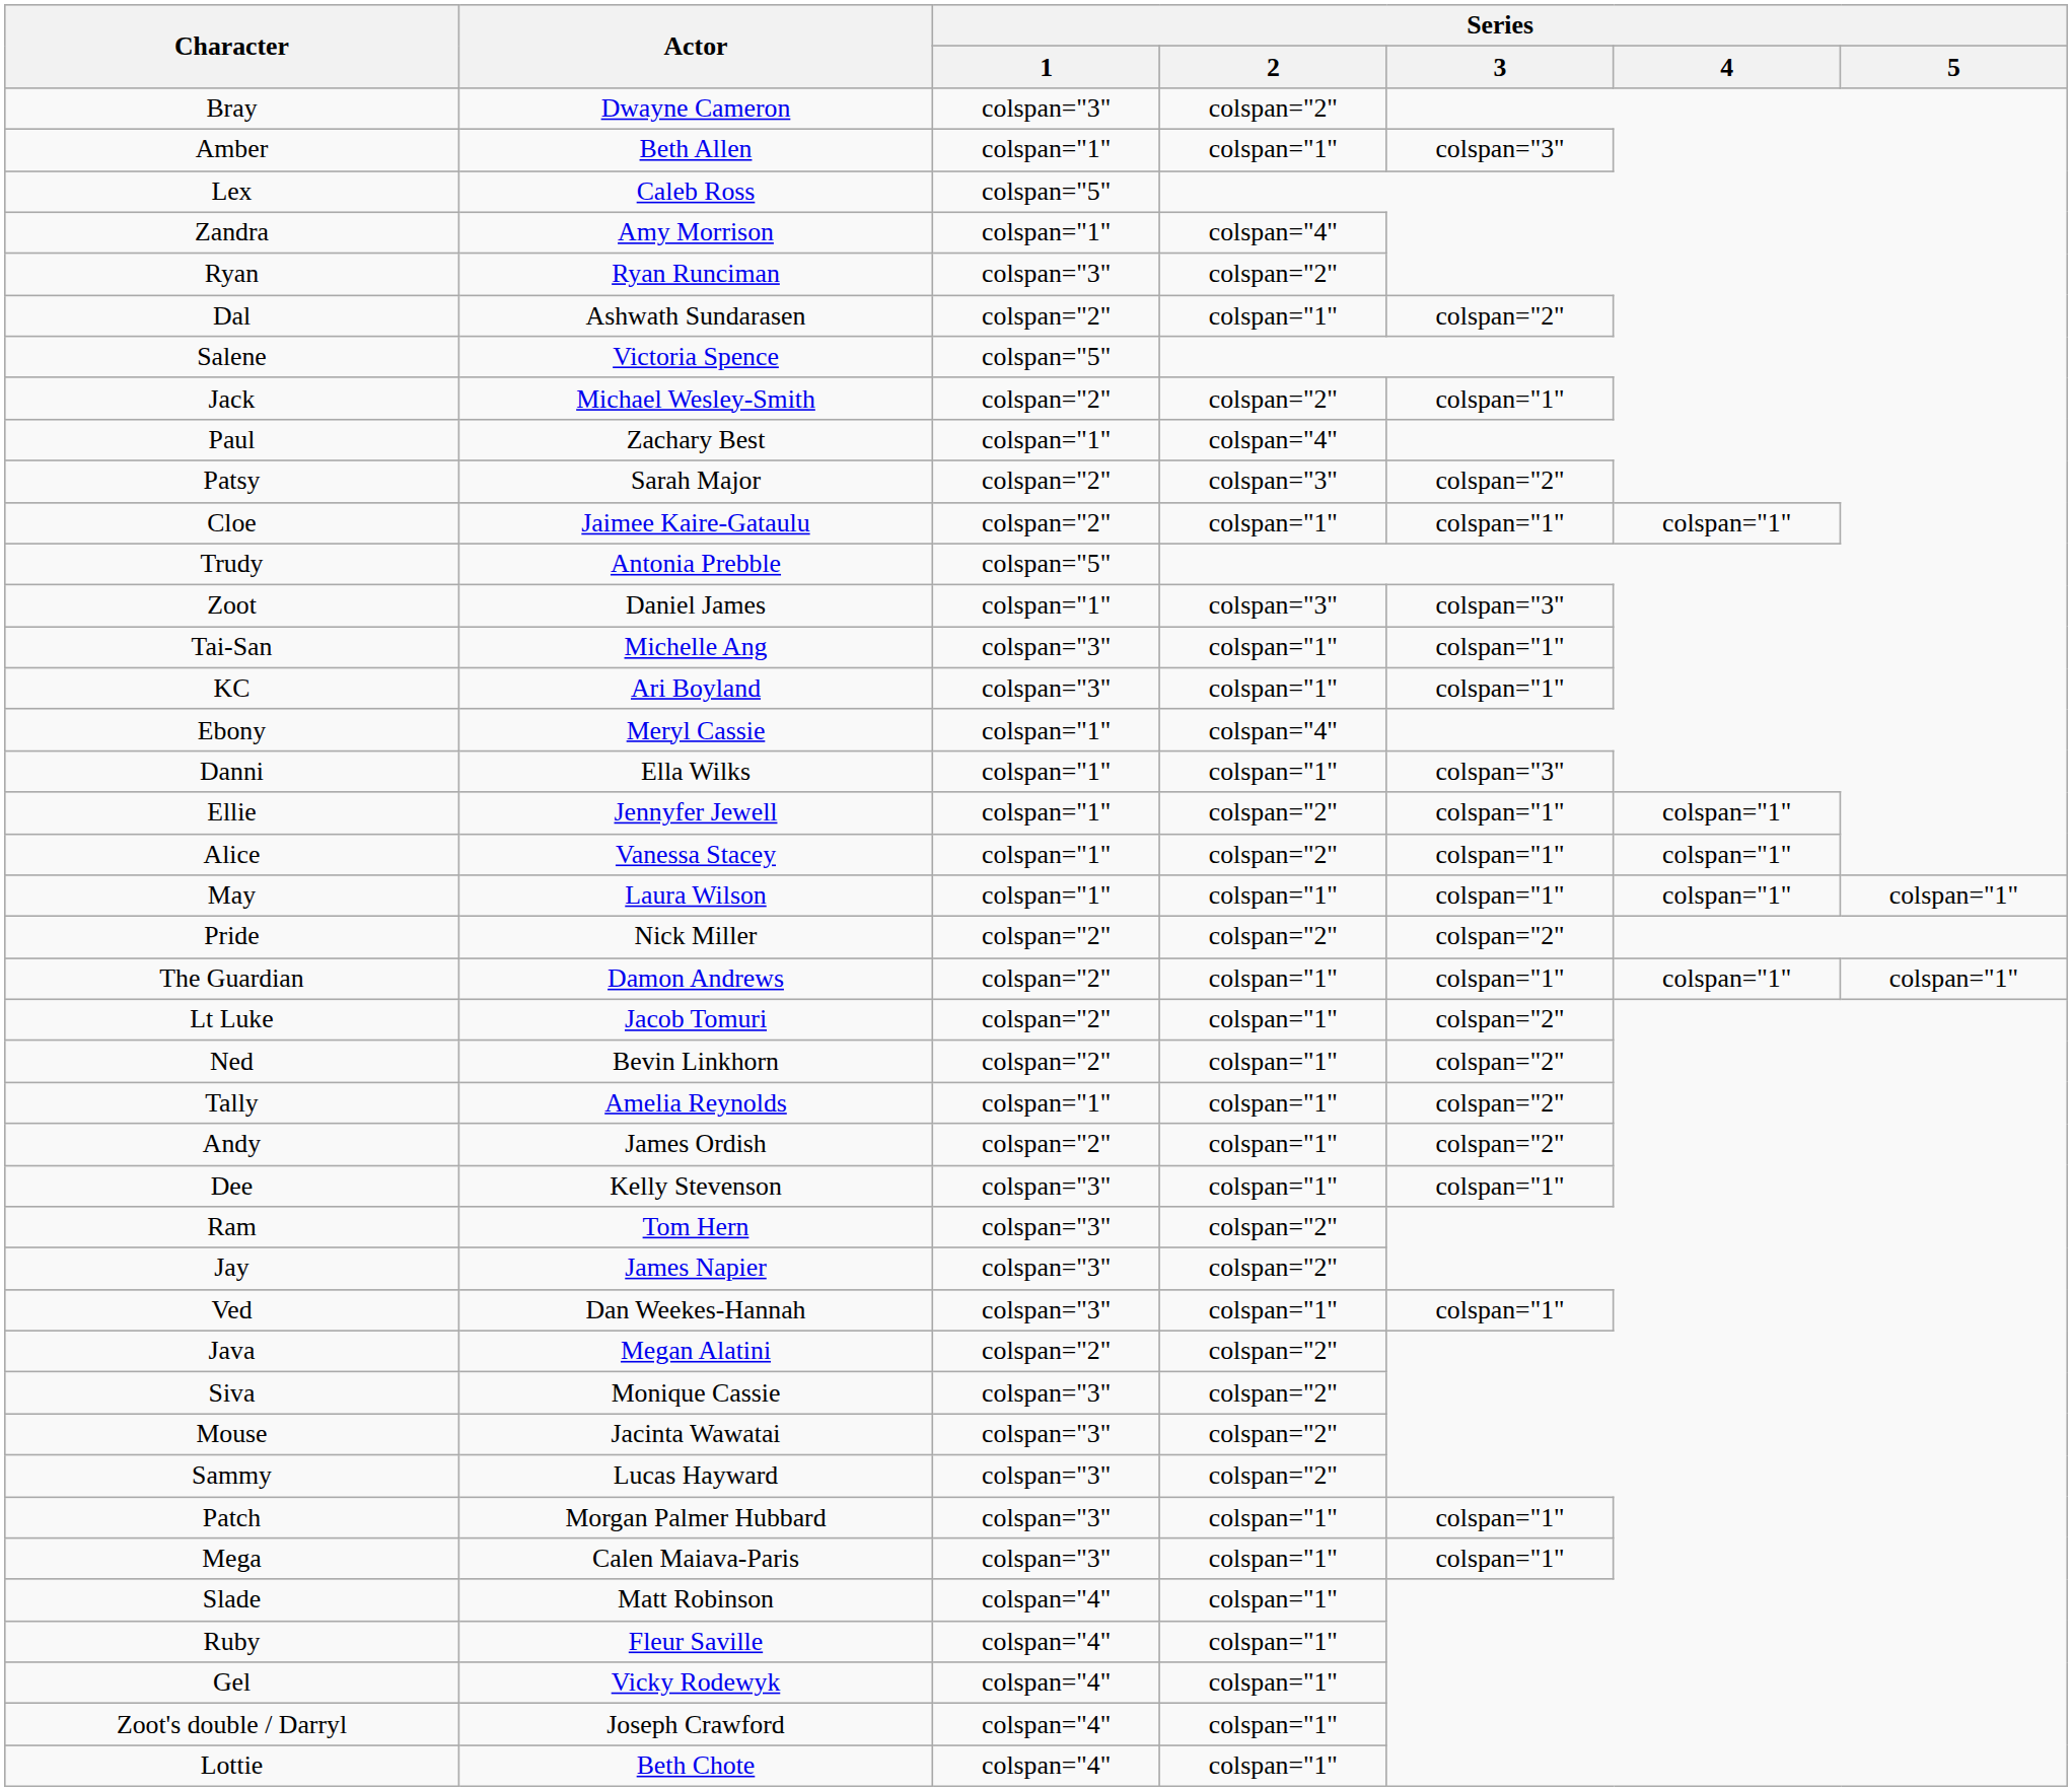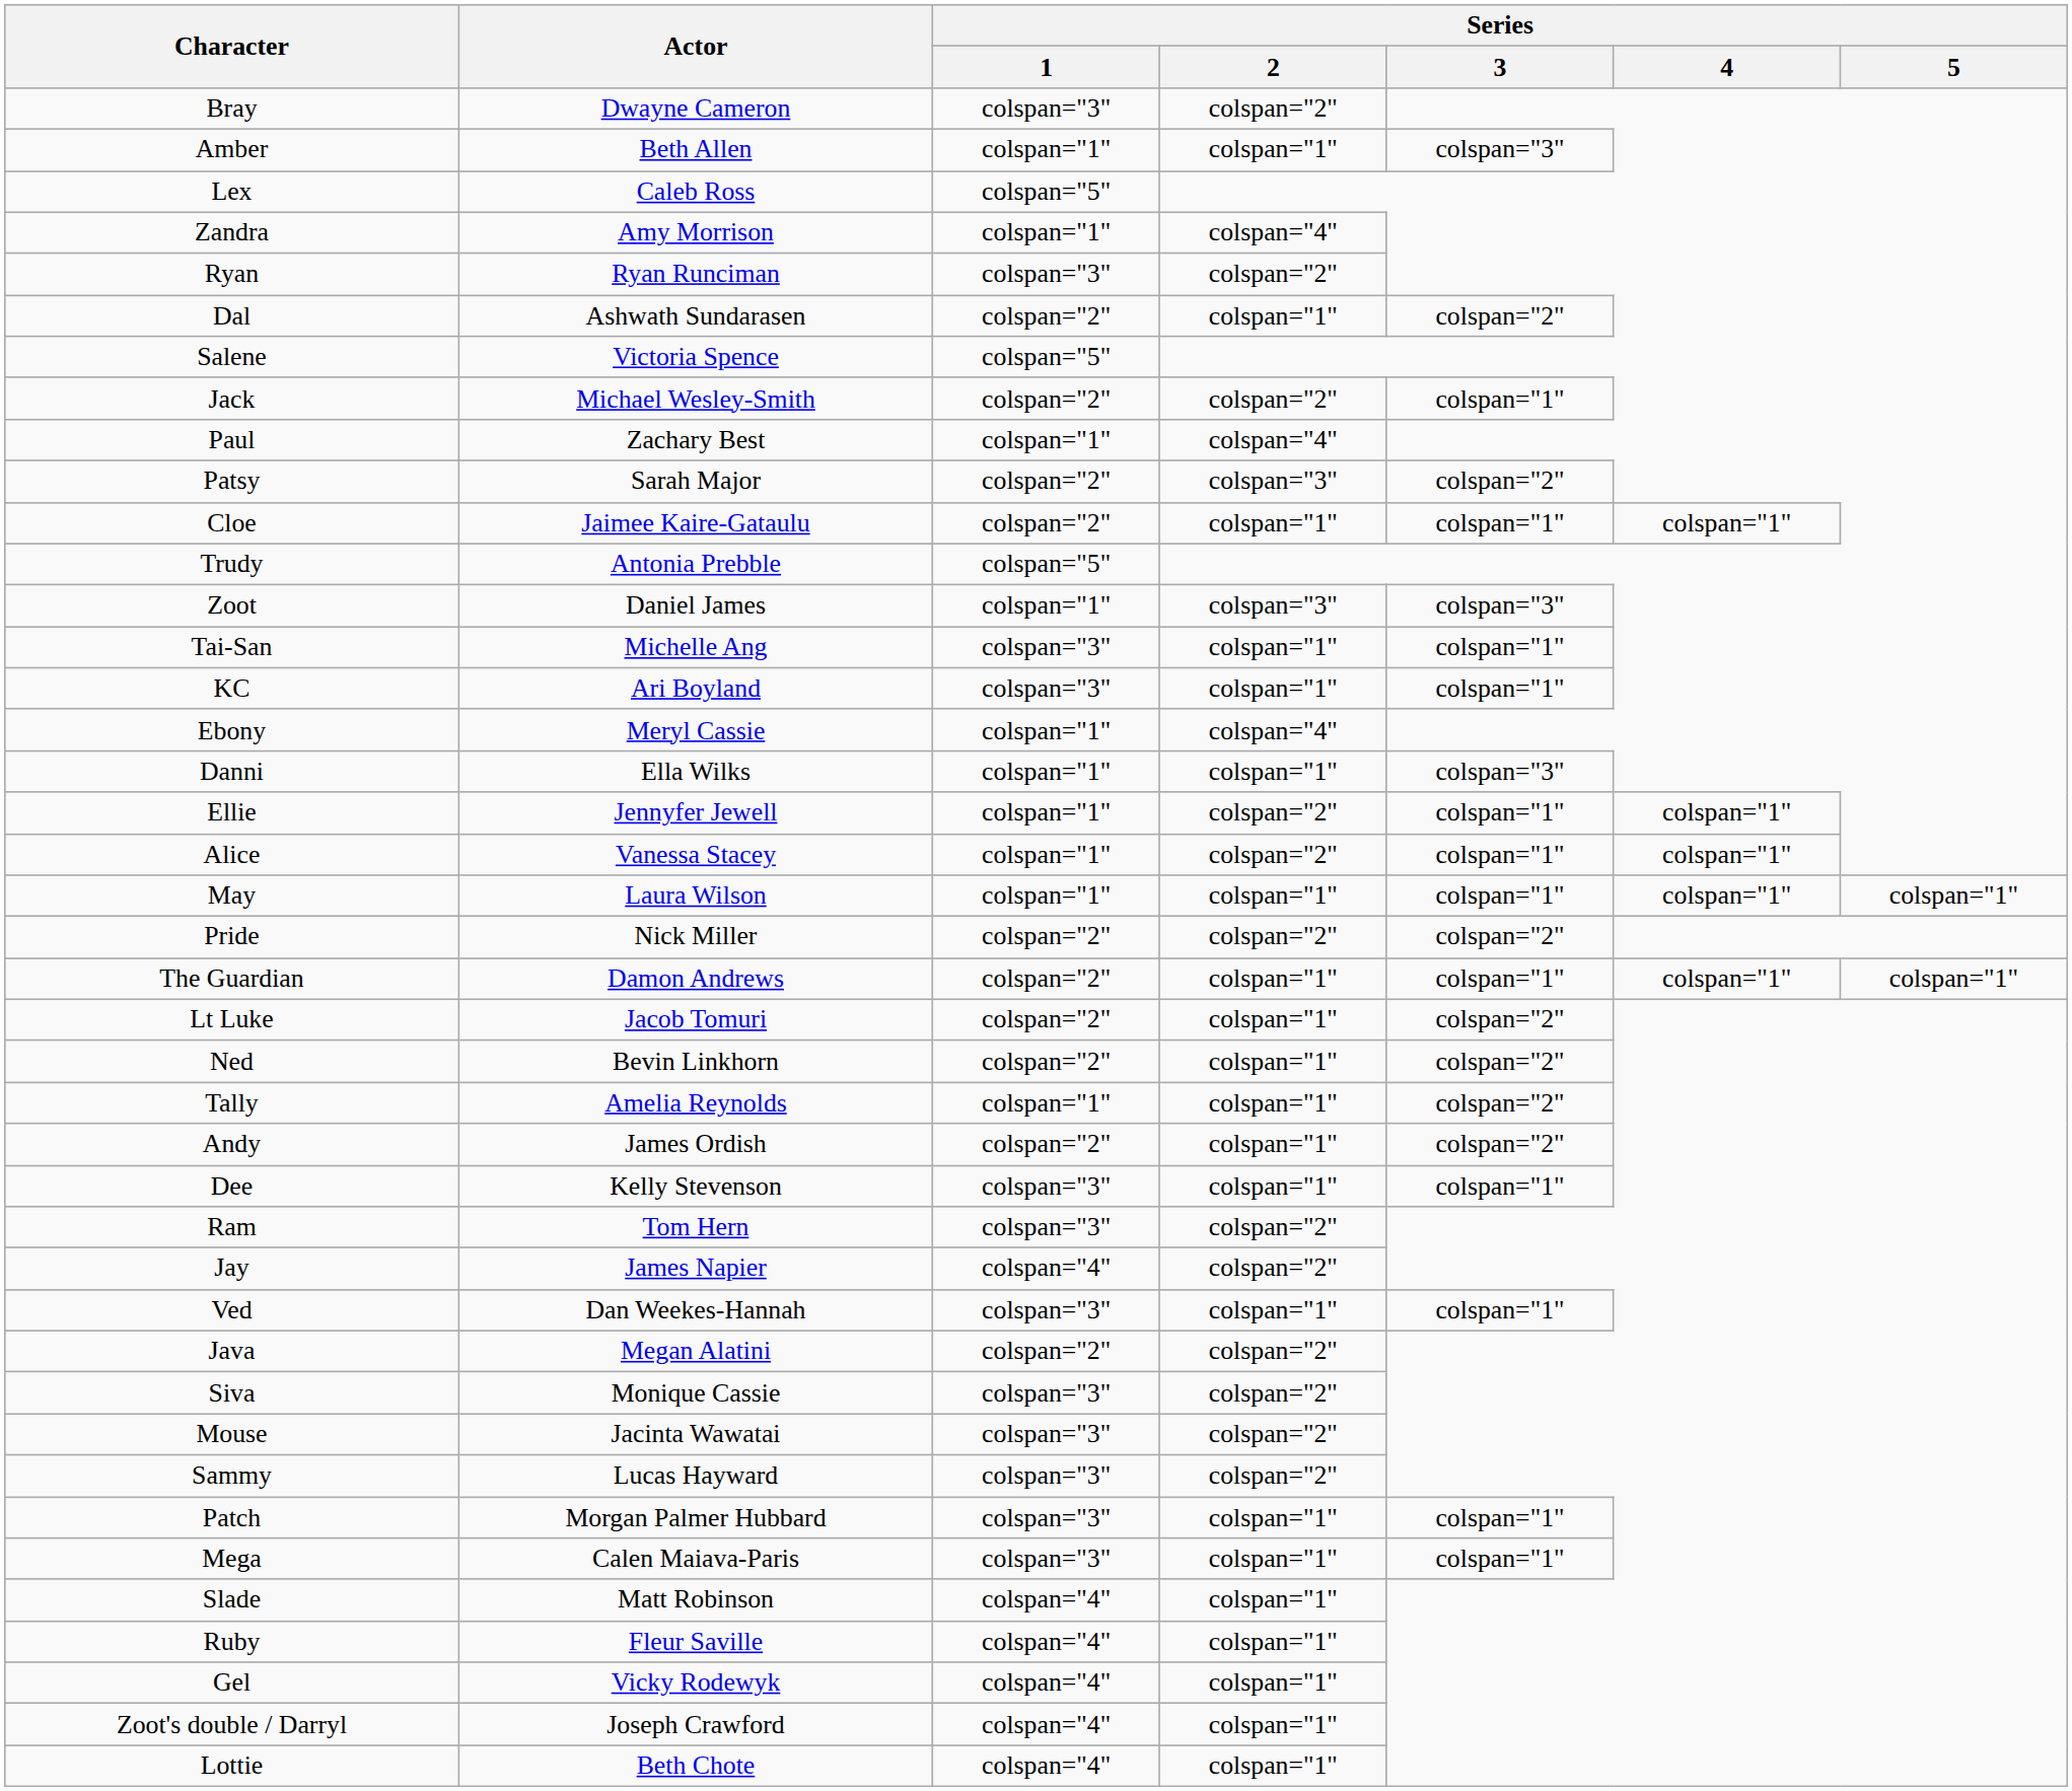 <table class="wikitable sortable" style="text-align:center;" width="100%">
 <tr>
 <th scope="col" rowspan="2" style="width:22%;">Character</th>
 <th scope="col" rowspan="2" style="width:23%;">Actor</th>
 <th scope="col" colspan="7">Series</th>
 </tr>
 <tr>
 <th style="width:11%;">1</th>
 <th style="width:11%;">2</th>
 <th style="width:11%;">3</th>
 <th style="width:11%;">4</th>
 <th style="width:11%;">5</th>
 </tr>
 <tr>
 <td>Bray</td>
 <td><a href='#'>Dwayne Cameron</a></td>
 <td>colspan="3" </td>
 <td>colspan="2" </td>
 </tr>
 <tr>
 <td>Amber</td>
 <td><a href='#'>Beth Allen</a></td>
 <td>colspan="1" </td>
 <td>colspan="1" </td>
 <td>colspan="3" </td>
 </tr>
 <tr>
 <td>Lex</td>
 <td><a href='#'>Caleb Ross</a></td>
 <td>colspan="5" </td>
 </tr>
 <tr>
 <td>Zandra</td>
 <td><a href='#'>Amy Morrison</a></td>
 <td>colspan="1" </td>
 <td>colspan="4" </td>
 </tr>
 <tr>
 <td>Ryan</td>
 <td><a href='#'>Ryan Runciman</a></td>
 <td>colspan="3" </td>
 <td>colspan="2" </td>
 </tr>
 <tr>
 <td>Dal</td>
 <td>Ashwath Sundarasen</td>
 <td>colspan="2" </td>
 <td>colspan="1" </td>
 <td>colspan="2" </td>
 </tr>
 <tr>
 <td>Salene</td>
 <td><a href='#'>Victoria Spence</a></td>
 <td>colspan="5" </td>
 </tr>
 <tr>
 <td>Jack</td>
 <td><a href='#'>Michael Wesley-Smith</a></td>
 <td>colspan="2" </td>
 <td>colspan="2" </td>
 <td>colspan="1" </td>
 </tr>
 <tr>
 <td>Paul</td>
 <td>Zachary Best</td>
 <td>colspan="1" </td>
 <td>colspan="4" </td>
 </tr>
 <tr>
 <td>Patsy</td>
 <td>Sarah Major</td>
 <td>colspan="2" </td>
 <td>colspan="3" </td>
 <td>colspan="2" </td>
 </tr>
 <tr>
 <td>Cloe</td>
 <td><a href='#'>Jaimee Kaire-Gataulu</a></td>
 <td>colspan="2" </td>
 <td>colspan="1" </td>
 <td>colspan="1" </td>
 <td>colspan="1" </td>
 </tr>
 <tr>
 <td>Trudy</td>
 <td><a href='#'>Antonia Prebble</a></td>
 <td>colspan="5" </td>
 </tr>
 <tr>
 <td>Zoot</td>
 <td>Daniel James</td>
 <td>colspan="1" </td>
 <td>colspan="3" </td>
 <td>colspan="3" </td>
 </tr>
 <tr>
 <td>Tai-San</td>
 <td><a href='#'>Michelle Ang</a></td>
 <td>colspan="3" </td>
 <td>colspan="1" </td>
 <td>colspan="1" </td>
 </tr>
 <tr>
 <td>KC</td>
 <td><a href='#'>Ari Boyland</a></td>
 <td>colspan="3" </td>
 <td>colspan="1" </td>
 <td>colspan="1" </td>
 </tr>
 <tr>
 <td>Ebony</td>
 <td><a href='#'>Meryl Cassie</a></td>
 <td>colspan="1" </td>
 <td>colspan="4" </td>
 </tr>
 <tr>
 <td>Danni</td>
 <td>Ella Wilks</td>
 <td>colspan="1" </td>
 <td>colspan="1" </td>
 <td>colspan="3" </td>
 </tr>
 <tr>
 <td>Ellie</td>
 <td><a href='#'>Jennyfer Jewell</a></td>
 <td>colspan="1" </td>
 <td>colspan="2" </td>
 <td>colspan="1" </td>
 <td>colspan="1" </td>
 </tr>
 <tr>
 <td>Alice</td>
 <td><a href='#'>Vanessa Stacey</a></td>
 <td>colspan="1" </td>
 <td>colspan="2" </td>
 <td>colspan="1" </td>
 <td>colspan="1" </td>
 </tr>
 <tr>
 <td>May</td>
 <td><a href='#'>Laura Wilson</a></td>
 <td>colspan="1" </td>
 <td>colspan="1" </td>
 <td>colspan="1" </td>
 <td>colspan="1" </td>
 <td>colspan="1" </td>
 </tr>
 <tr>
 <td>Pride</td>
 <td>Nick Miller</td>
 <td>colspan="2" </td>
 <td>colspan="2" </td>
 <td>colspan="2" </td>
 </tr>
 <tr>
 <td>The Guardian</td>
 <td><a href='#'>Damon Andrews</a></td>
 <td>colspan="2" </td>
 <td>colspan="1" </td>
 <td>colspan="1" </td>
 <td>colspan="1" </td>
 <td>colspan="1" </td>
 </tr>
 <tr>
 <td>Lt Luke</td>
 <td><a href='#'>Jacob Tomuri</a></td>
 <td>colspan="2" </td>
 <td>colspan="1" </td>
 <td>colspan="2" </td>
 </tr>
 <tr>
 <td>Ned</td>
 <td>Bevin Linkhorn</td>
 <td>colspan="2" </td>
 <td>colspan="1" </td>
 <td>colspan="2" </td>
 </tr>
 <tr>
 <td>Tally</td>
 <td><a href='#'>Amelia Reynolds</a></td>
 <td>colspan="1" </td>
 <td>colspan="1" </td>
 <td>colspan="2" </td>
 </tr>
 <tr>
 <td>Andy</td>
 <td>James Ordish</td>
 <td>colspan="2" </td>
 <td>colspan="1" </td>
 <td>colspan="2" </td>
 </tr>
 <tr>
 <td>Dee</td>
 <td>Kelly Stevenson</td>
 <td>colspan="3" </td>
 <td>colspan="1" </td>
 <td>colspan="1" </td>
 </tr>
 <tr>
 <td>Ram</td>
 <td><a href='#'>Tom Hern</a></td>
 <td>colspan="3" </td>
 <td>colspan="2" </td>
 </tr>
 <tr>
 <td>Jay</td>
 <td><a href='#'>James Napier</a></td>
-<td>colspan="3" </td>
+<td>colspan="4" </td>
 <td>colspan="2" </td>
 </tr>
 <tr>
 <td>Ved</td>
 <td>Dan Weekes-Hannah</td>
 <td>colspan="3" </td>
 <td>colspan="1" </td>
 <td>colspan="1" </td>
 </tr>
 <tr>
 <td>Java</td>
 <td><a href='#'>Megan Alatini</a></td>
 <td>colspan="2" </td>
 <td>colspan="2" </td>
 </tr>
 <tr>
 <td>Siva</td>
 <td>Monique Cassie</td>
 <td>colspan="3" </td>
 <td>colspan="2" </td>
 </tr>
 <tr>
 <td>Mouse</td>
 <td>Jacinta Wawatai</td>
 <td>colspan="3" </td>
 <td>colspan="2" </td>
 </tr>
 <tr>
 <td>Sammy</td>
 <td>Lucas Hayward</td>
 <td>colspan="3" </td>
 <td>colspan="2" </td>
 </tr>
 <tr>
 <td>Patch</td>
 <td>Morgan Palmer Hubbard</td>
 <td>colspan="3" </td>
 <td>colspan="1" </td>
 <td>colspan="1" </td>
 </tr>
 <tr>
 <td>Mega</td>
 <td>Calen Maiava-Paris</td>
 <td>colspan="3" </td>
 <td>colspan="1" </td>
 <td>colspan="1" </td>
 </tr>
 <tr>
 <td>Slade</td>
 <td>Matt Robinson</td>
 <td>colspan="4" </td>
 <td>colspan="1" </td>
 </tr>
 <tr>
 <td>Ruby</td>
 <td><a href='#'>Fleur Saville</a></td>
 <td>colspan="4" </td>
 <td>colspan="1" </td>
 </tr>
 <tr>
 <td>Gel</td>
 <td><a href='#'>Vicky Rodewyk</a></td>
 <td>colspan="4" </td>
 <td>colspan="1" </td>
 </tr>
 <tr>
 <td>Zoot's double / Darryl</td>
 <td>Joseph Crawford</td>
 <td>colspan="4" </td>
 <td>colspan="1" </td>
 </tr>
 <tr>
 <td>Lottie</td>
 <td><a href='#'>Beth Chote</a></td>
 <td>colspan="4" </td>
 <td>colspan="1" </td>
 </tr>
 </table>
